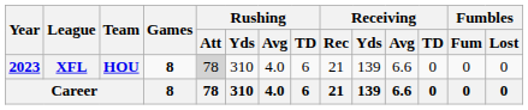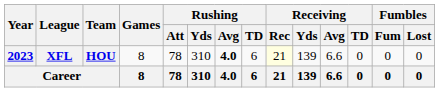 <table class="wikitable" style="text-align:center">
 <tr>
 <th rowspan="2">Year</th>
 <th rowspan="2">League</th>
 <th rowspan="2">Team</th>
 <th rowspan="2">Games</th>
 <th colspan="4">Rushing</th>
 <th colspan="4">Receiving</th>
 <th colspan="2">Fumbles</th>
 </tr>
 <tr>
 <th>Att</th>
 <th>Yds</th>
 <th>Avg</th>
 <th>TD</th>
 <th>Rec</th>
 <th>Yds</th>
 <th>Avg</th>
 <th>TD</th>
 <th>Fum</th>
 <th>Lost</th>
 </tr>
 <tr>
 <th><a href='#'>2023</a></th>
 <th><a href='#'>XFL</a></th>
 <th><a href='#'>HOU</a></th>
-<td><strong>8</strong></td>
-<td style="background: lightgrey;">78</td>
+<td>8</td>
+<td>78</td>
 <td>310</td>
-<td>4.0</td>
+<td><strong>4.0</strong></td>
 <td>6</td>
-<td>21</td>
+<td style="background: lightyellow;">21</td>
 <td>139</td>
 <td>6.6</td>
 <td>0</td>
 <td>0</td>
 <td>0</td>
 </tr>
 <tr>
 <th colspan="3">Career</th>
 <th>8</th>
 <th>78</th>
 <th>310</th>
 <th>4.0</th>
 <th>6</th>
 <th>21</th>
 <th>139</th>
 <th>6.6</th>
 <th>0</th>
 <th>0</th>
 <th>0</th>
 </tr>
 </table>
